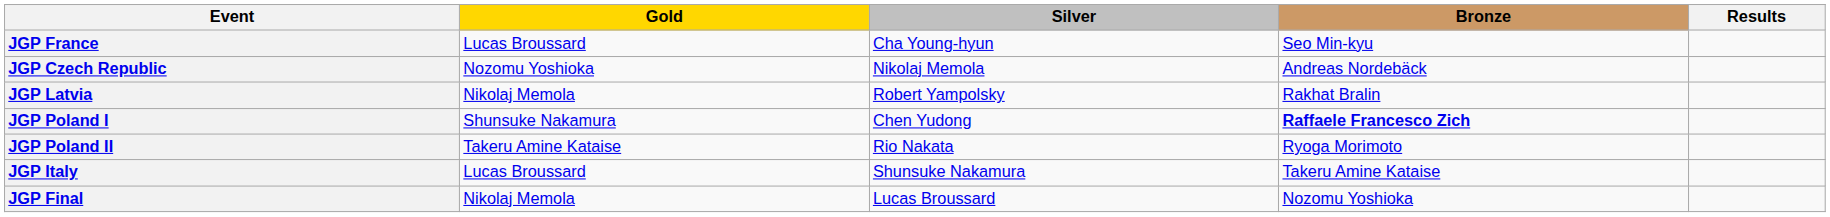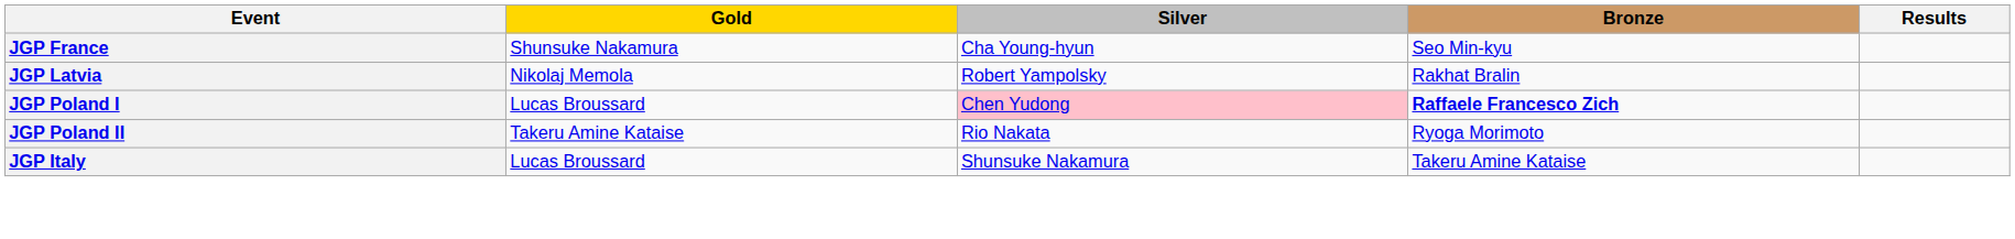 <table class="wikitable unsortable" style="text-align:left; width:90%;">
 <tr>
 <th scope="col" style="text-align:center; width:25%;">Event</th>
 <td scope="col" style="text-align:center; width:22.5%; background:gold"><strong>Gold</strong></td>
 <td scope="col" style="text-align:center; width:22.5%; background:silver"><strong>Silver</strong></td>
 <td scope="col" style="text-align:center; width:22.5%; background:#c96"><strong>Bronze</strong></td>
 <th scope="col" style="text-align:center; width:7.5%;">Results</th>
 </tr>
 <tr>
 <th scope="row" style="text-align:left"> <a href='#'>JGP France</a></th>
-<td> <a href='#'>Lucas Broussard</a></td>
+<td> <a href='#'>Shunsuke Nakamura</a></td>
 <td> <a href='#'>Cha Young-hyun</a></td>
 <td> <a href='#'>Seo Min-kyu</a></td>
-<td></td>
-</tr>
-<tr>
-<th scope="row" style="text-align:left"> <a href='#'>JGP Czech Republic</a></th>
-<td> <a href='#'>Nozomu Yoshioka</a></td>
-<td> <a href='#'>Nikolaj Memola</a></td>
-<td> <a href='#'>Andreas Nordebäck</a></td>
 <td></td>
 </tr>
 <tr>
 <th scope="row" style="text-align:left"> <a href='#'>JGP Latvia</a></th>
 <td> <a href='#'>Nikolaj Memola</a></td>
 <td> <a href='#'>Robert Yampolsky</a></td>
 <td> <a href='#'>Rakhat Bralin</a></td>
 <td></td>
 </tr>
 <tr>
 <th scope="row" style="text-align:left"> <a href='#'>JGP Poland I</a></th>
-<td> <a href='#'>Shunsuke Nakamura</a></td>
-<td> <a href='#'>Chen Yudong</a></td>
+<td> <a href='#'>Lucas Broussard</a></td>
+<td style="background: pink;"> <a href='#'>Chen Yudong</a></td>
 <td><strong> <a href='#'>Raffaele Francesco Zich</a></strong></td>
 <td></td>
 </tr>
 <tr>
 <th scope="row" style="text-align:left"> <a href='#'>JGP Poland II</a></th>
 <td> <a href='#'>Takeru Amine Kataise</a></td>
 <td> <a href='#'>Rio Nakata</a></td>
 <td> <a href='#'>Ryoga Morimoto</a></td>
 <td></td>
 </tr>
 <tr>
 <th scope="row" style="text-align:left"> <a href='#'>JGP Italy</a></th>
 <td> <a href='#'>Lucas Broussard</a></td>
 <td> <a href='#'>Shunsuke Nakamura</a></td>
 <td> <a href='#'>Takeru Amine Kataise</a></td>
 <td></td>
 </tr>
-<tr>
-<th scope="row" style="text-align:left"> <a href='#'>JGP Final</a></th>
-<td> <a href='#'>Nikolaj Memola</a></td>
-<td> <a href='#'>Lucas Broussard</a></td>
-<td> <a href='#'>Nozomu Yoshioka</a></td>
-<td></td>
-</tr>
 </table>
